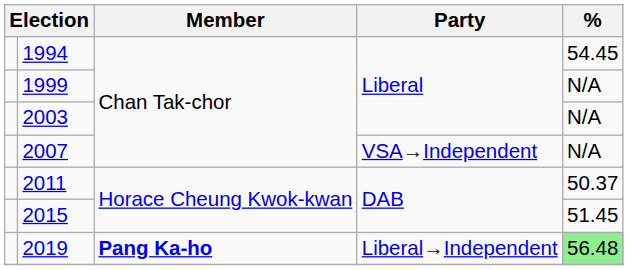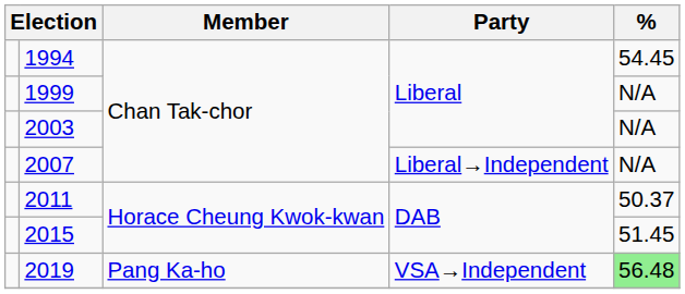 <table class="wikitable">
 <tr>
 <th colspan="2">Election</th>
 <th>Member</th>
 <th>Party</th>
 <th>%</th>
 </tr>
 <tr>
 <td style="background-color: "></td>
 <td><a href='#'>1994</a></td>
 <td rowspan=4>Chan Tak-chor</td>
 <td rowspan=3><a href='#'>Liberal</a></td>
 <td>54.45</td>
 </tr>
 <tr>
 <td style="background-color: "></td>
 <td><a href='#'>1999</a></td>
 <td>N/A</td>
 </tr>
 <tr>
 <td style="background-color: "></td>
 <td><a href='#'>2003</a></td>
 <td>N/A</td>
 </tr>
 <tr>
 <td style="background-color: "></td>
 <td><a href='#'>2007</a></td>
-<td><a href='#'>VSA</a>→<a href='#'>Independent</a></td>
+<td><a href='#'>Liberal</a>→<a href='#'>Independent</a></td>
 <td>N/A</td>
 </tr>
 <tr>
 <td style="background-color: "></td>
 <td><a href='#'>2011</a></td>
 <td rowspan=2><a href='#'>Horace Cheung Kwok-kwan</a></td>
 <td rowspan=2><a href='#'>DAB</a></td>
 <td>50.37</td>
 </tr>
 <tr>
 <td style="background-color: "></td>
 <td><a href='#'>2015</a></td>
 <td>51.45</td>
 </tr>
 <tr>
 <td style="background-color: "></td>
 <td><a href='#'>2019</a></td>
-<td><strong><a href='#'>Pang Ka-ho</a></strong></td>
-<td><a href='#'>Liberal</a>→<a href='#'>Independent</a></td>
+<td><a href='#'>Pang Ka-ho</a></td>
+<td><a href='#'>VSA</a>→<a href='#'>Independent</a></td>
 <td style="background: lightgreen;">56.48</td>
 </tr>
 <tr>
 </tr>
 </table>
